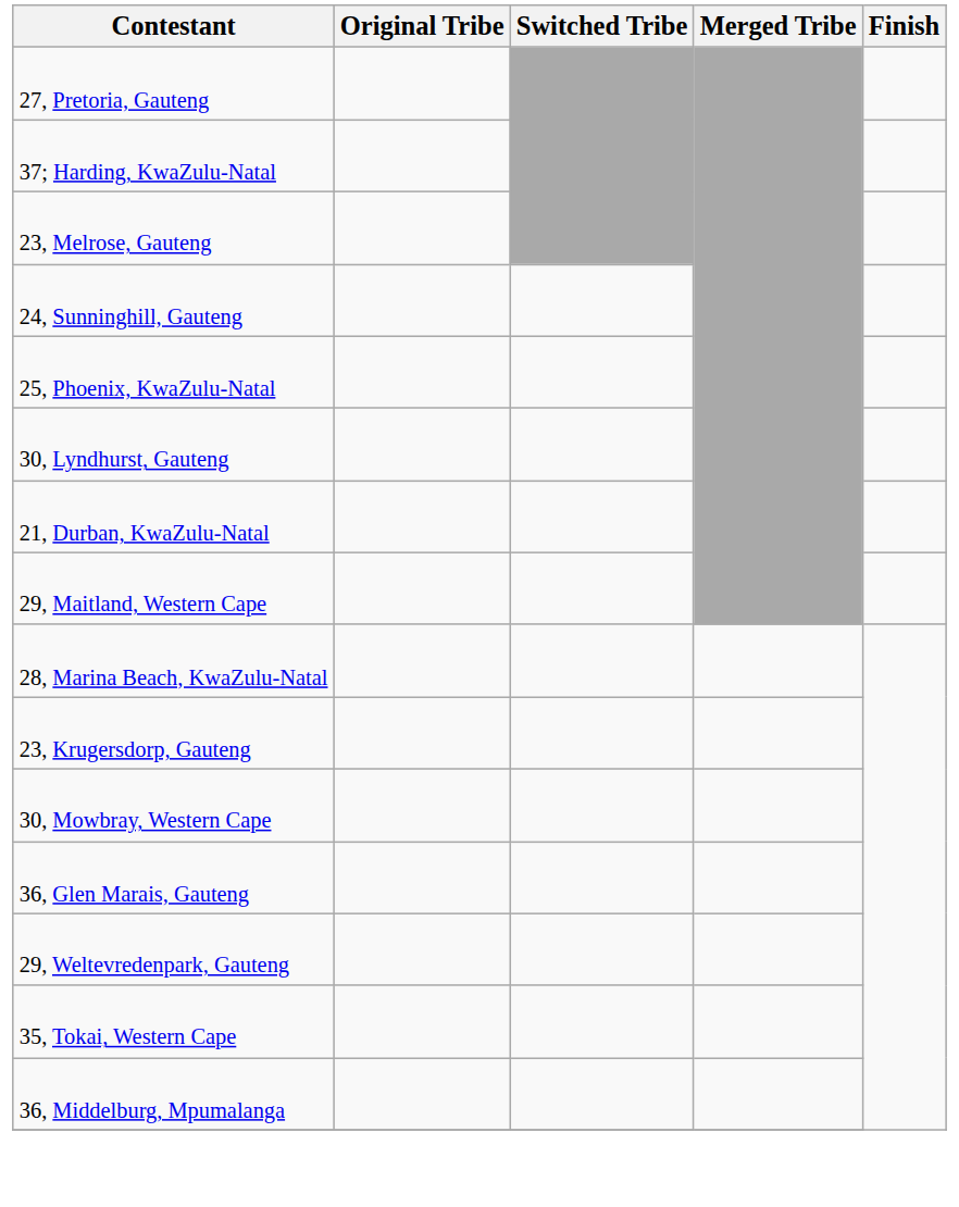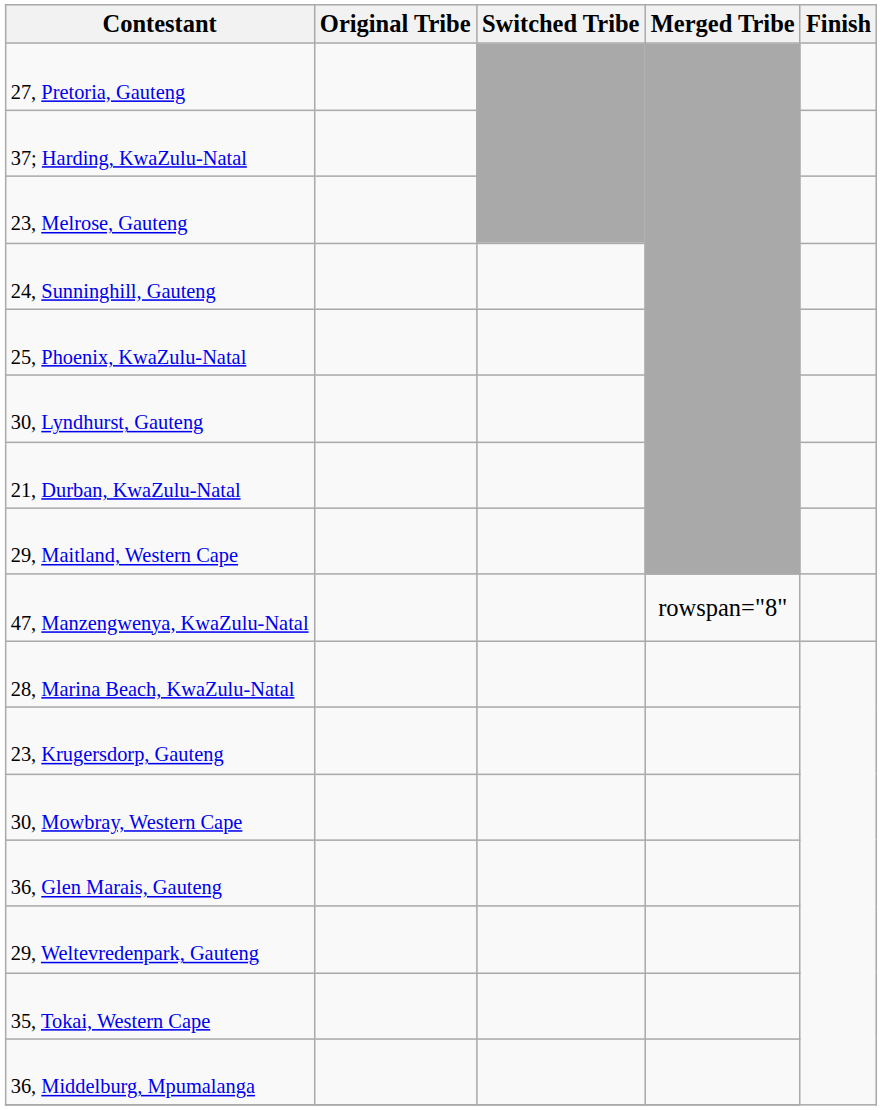 <table class="wikitable sortable" style="margin:auto; text-align:center">
 <tr>
 <th>Contestant</th>
 <th>Original Tribe</th>
 <th>Switched Tribe</th>
 <th>Merged Tribe</th>
 <th>Finish</th>
 </tr>
 <tr>
 <td align="left"><strong></strong><br><small>27, <a href='#'>Pretoria, Gauteng</a></small></td>
 <td></td>
 <td rowspan="3" bgcolor="darkgray"></td>
 <td rowspan="8" bgcolor="darkgray"></td>
 <td></td>
 </tr>
 <tr>
 <td align="left"><strong></strong><br><small>37; <a href='#'>Harding, KwaZulu-Natal</a></small></td>
 <td></td>
 <td></td>
 </tr>
 <tr>
 <td align="left"><strong></strong><br><small>23, <a href='#'>Melrose, Gauteng</a></small></td>
 <td></td>
 <td></td>
 </tr>
 <tr>
 <td align="left"><strong></strong><br><small>24, <a href='#'>Sunninghill, Gauteng</a></small></td>
 <td></td>
 <td></td>
 <td></td>
 </tr>
 <tr>
 <td align="left"><strong></strong><br><small>25, <a href='#'>Phoenix, KwaZulu-Natal</a></small></td>
 <td></td>
 <td></td>
 <td></td>
 </tr>
 <tr>
 <td align="left"><strong></strong><br><small>30, <a href='#'>Lyndhurst, Gauteng</a></small></td>
 <td></td>
 <td></td>
 <td></td>
 </tr>
 <tr>
 <td align="left"><strong></strong><br><small>21, <a href='#'>Durban, KwaZulu-Natal</a></small></td>
 <td></td>
 <td></td>
 <td></td>
 </tr>
 <tr>
 <td align="left"><strong></strong><br><small>29, <a href='#'>Maitland, Western Cape</a></small></td>
 <td></td>
 <td></td>
 <td></td>
 </tr>
 <tr>
+<td align="left"><strong></strong><br><small>47, <a href='#'>Manzengwenya, KwaZulu-Natal</a></small></td>
+<td></td>
+<td></td>
+<td>rowspan="8" </td>
+<td></td>
+</tr>
+<tr>
 <td align="left"><strong></strong><br><small>28, <a href='#'>Marina Beach, KwaZulu-Natal</a></small></td>
 <td></td>
 <td></td>
 <td></td>
 </tr>
 <tr>
 <td align="left"><strong></strong><br><small>23, <a href='#'>Krugersdorp, Gauteng</a></small></td>
 <td></td>
 <td></td>
 <td></td>
 </tr>
 <tr>
 <td align="left"><strong></strong><br><small>30, <a href='#'>Mowbray, Western Cape</a></small></td>
 <td></td>
 <td></td>
 <td></td>
 </tr>
 <tr>
 <td align="left"><strong></strong><br><small>36, <a href='#'>Glen Marais, Gauteng</a></small></td>
 <td></td>
 <td></td>
 <td></td>
 </tr>
 <tr>
 <td align="left"><strong></strong><br><small>29, <a href='#'>Weltevredenpark, Gauteng</a></small></td>
 <td></td>
 <td></td>
 <td></td>
 </tr>
 <tr>
 <td align="left"><strong></strong><br><small>35, <a href='#'>Tokai, Western Cape</a></small></td>
 <td></td>
 <td></td>
 <td></td>
 </tr>
 <tr>
 <td align="left"><strong></strong><br><small>36, <a href='#'>Middelburg, Mpumalanga</a></small></td>
 <td></td>
 <td></td>
 <td></td>
 </tr>
 <tr>
 </tr>
 </table>
